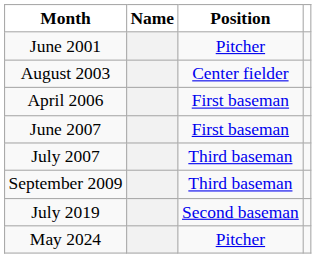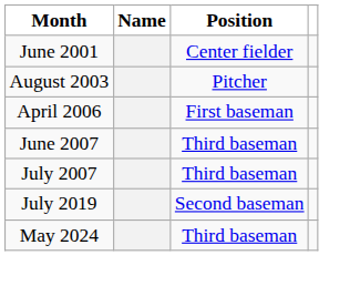 <table class="wikitable sortable plainrowheaders" style="text-align:center">
 <tr>
 <th scope="col" style="background-color:#ffffff; border-top:#">Month</th>
 <th scope="col" style="background-color:#ffffff; border-top:#">Name</th>
 <th scope="col" style="background-color:#ffffff; border-top:#">Position</th>
 <th scope="col" class="unsortable" style="background-color:#ffffff; border-top:#"></th>
 </tr>
 <tr>
 <td>June 2001</td>
 <th scope="row" style="text-align:center"></th>
-<td><a href='#'>Pitcher</a></td>
+<td><a href='#'>Center fielder</a></td>
 <td></td>
 </tr>
 <tr>
 <td>August 2003</td>
 <th scope="row" style="text-align:center"></th>
-<td><a href='#'>Center fielder</a></td>
+<td><a href='#'>Pitcher</a></td>
 <td></td>
 </tr>
 <tr>
 <td>April 2006</td>
 <th scope="row" style="text-align:center"></th>
 <td><a href='#'>First baseman</a></td>
 <td></td>
 </tr>
 <tr>
 <td>June 2007</td>
 <th scope="row" style="text-align:center"> </th>
-<td><a href='#'>First baseman</a></td>
+<td><a href='#'>Third baseman</a></td>
 <td></td>
 </tr>
 <tr>
 <td>July 2007</td>
 <th scope="row" style="text-align:center"> </th>
-<td><a href='#'>Third baseman</a></td>
-<td></td>
-</tr>
-<tr>
-<td>September 2009</td>
-<th scope="row" style="text-align:center"></th>
 <td><a href='#'>Third baseman</a></td>
 <td></td>
 </tr>
 <tr>
 <td>July 2019</td>
 <th scope="row" style="text-align:center"></th>
 <td><a href='#'>Second baseman</a></td>
 <td></td>
 </tr>
 <tr>
 <td>May 2024</td>
 <th scope="row" style="text-align:center"></th>
-<td><a href='#'>Pitcher</a></td>
+<td><a href='#'>Third baseman</a></td>
 <td></td>
 </tr>
 </table>
